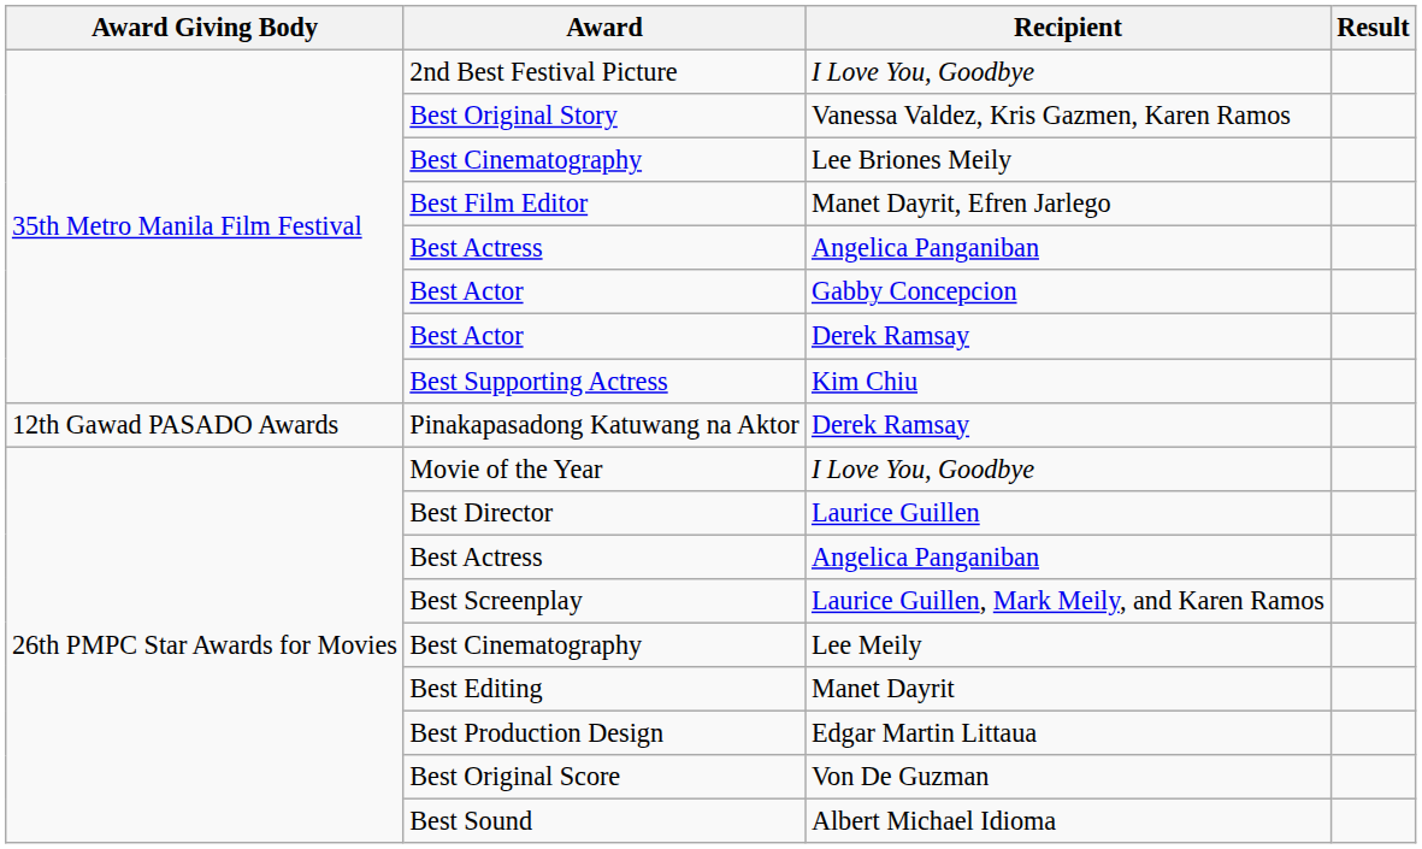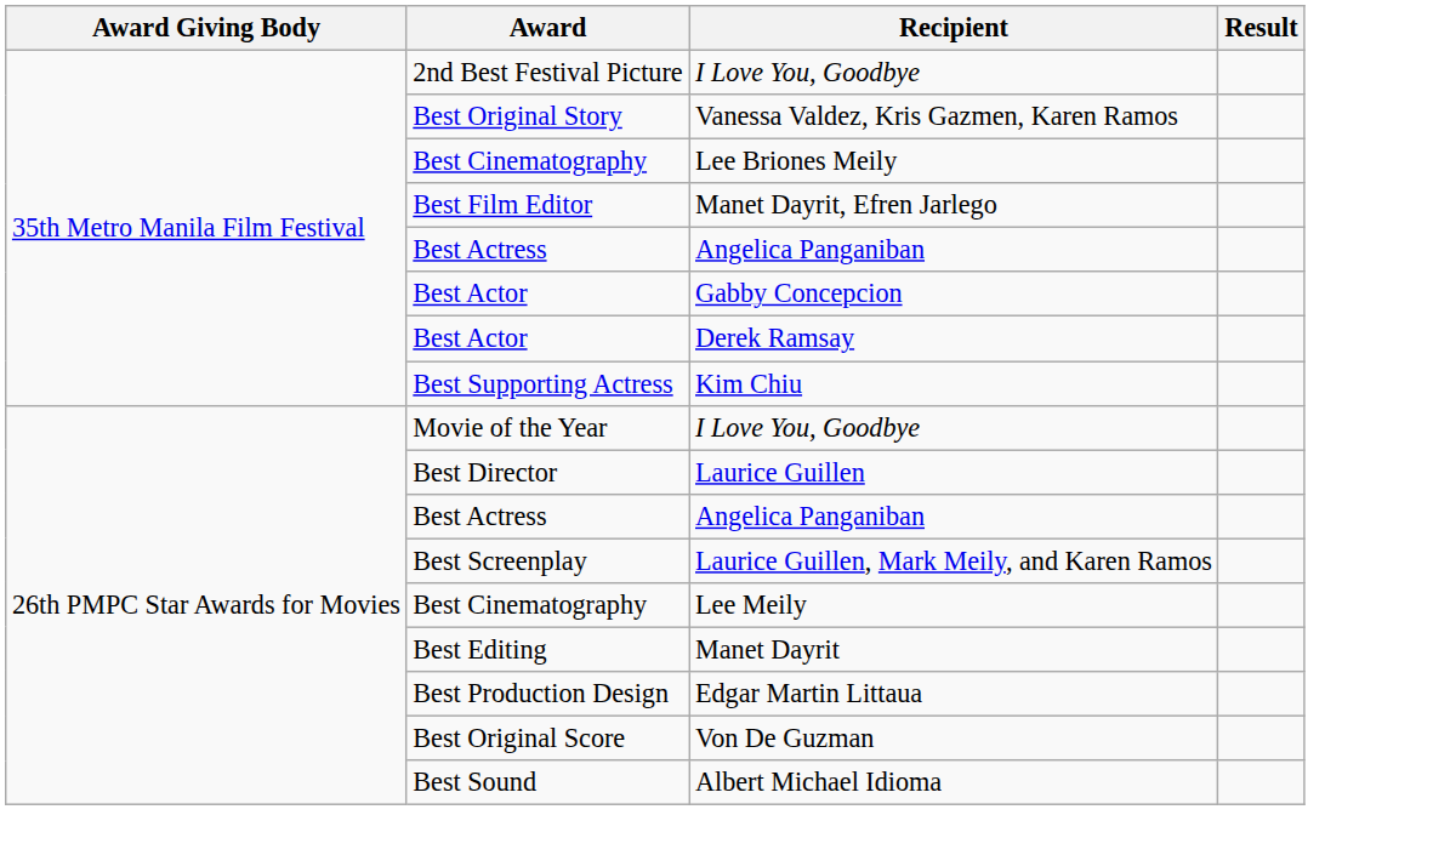 <table class="wikitable" style="font-size:95%;">
 <tr>
 <th>Award Giving Body</th>
 <th>Award</th>
 <th>Recipient</th>
 <th>Result</th>
 </tr>
 <tr>
 <td rowspan=8><a href='#'>35th Metro Manila Film Festival</a></td>
 <td>2nd Best Festival Picture</td>
 <td><em>I Love You, Goodbye</em></td>
 <td></td>
 </tr>
 <tr>
 <td><a href='#'>Best Original Story</a></td>
 <td>Vanessa Valdez, Kris Gazmen, Karen Ramos</td>
 <td></td>
 </tr>
 <tr>
 <td><a href='#'>Best Cinematography</a></td>
 <td>Lee Briones Meily</td>
 <td></td>
 </tr>
 <tr>
 <td><a href='#'>Best Film Editor</a></td>
 <td>Manet Dayrit, Efren Jarlego</td>
 <td></td>
 </tr>
 <tr>
 <td><a href='#'>Best Actress</a></td>
 <td><a href='#'>Angelica Panganiban</a></td>
 <td></td>
 </tr>
 <tr>
 <td><a href='#'>Best Actor</a></td>
 <td><a href='#'>Gabby Concepcion</a></td>
 <td></td>
 </tr>
 <tr>
 <td><a href='#'>Best Actor</a></td>
 <td><a href='#'>Derek Ramsay</a></td>
 <td></td>
 </tr>
 <tr>
 <td><a href='#'>Best Supporting Actress</a></td>
 <td><a href='#'>Kim Chiu</a></td>
 <td></td>
 </tr>
 <tr>
-<td>12th Gawad PASADO Awards</td>
-<td>Pinakapasadong Katuwang na Aktor</td>
-<td><a href='#'>Derek Ramsay</a></td>
-<td></td>
-</tr>
-<tr>
 <td rowspan=9>26th PMPC Star Awards for Movies</td>
 <td>Movie of the Year</td>
 <td><em>I Love You, Goodbye</em></td>
 <td></td>
 </tr>
 <tr>
 <td>Best Director</td>
 <td><a href='#'>Laurice Guillen</a></td>
 <td></td>
 </tr>
 <tr>
 <td>Best Actress</td>
 <td><a href='#'>Angelica Panganiban</a></td>
 <td></td>
 </tr>
 <tr>
 <td>Best Screenplay</td>
 <td><a href='#'>Laurice Guillen</a>, <a href='#'>Mark Meily</a>, and Karen Ramos</td>
 <td></td>
 </tr>
 <tr>
 <td>Best Cinematography</td>
 <td>Lee Meily</td>
 <td></td>
 </tr>
 <tr>
 <td>Best Editing</td>
 <td>Manet Dayrit</td>
 <td></td>
 </tr>
 <tr>
 <td>Best Production Design</td>
 <td>Edgar Martin Littaua</td>
 <td></td>
 </tr>
 <tr>
 <td>Best Original Score</td>
 <td>Von De Guzman</td>
 <td></td>
 </tr>
 <tr>
 <td>Best Sound</td>
 <td>Albert Michael Idioma</td>
 <td></td>
 </tr>
 </table>
